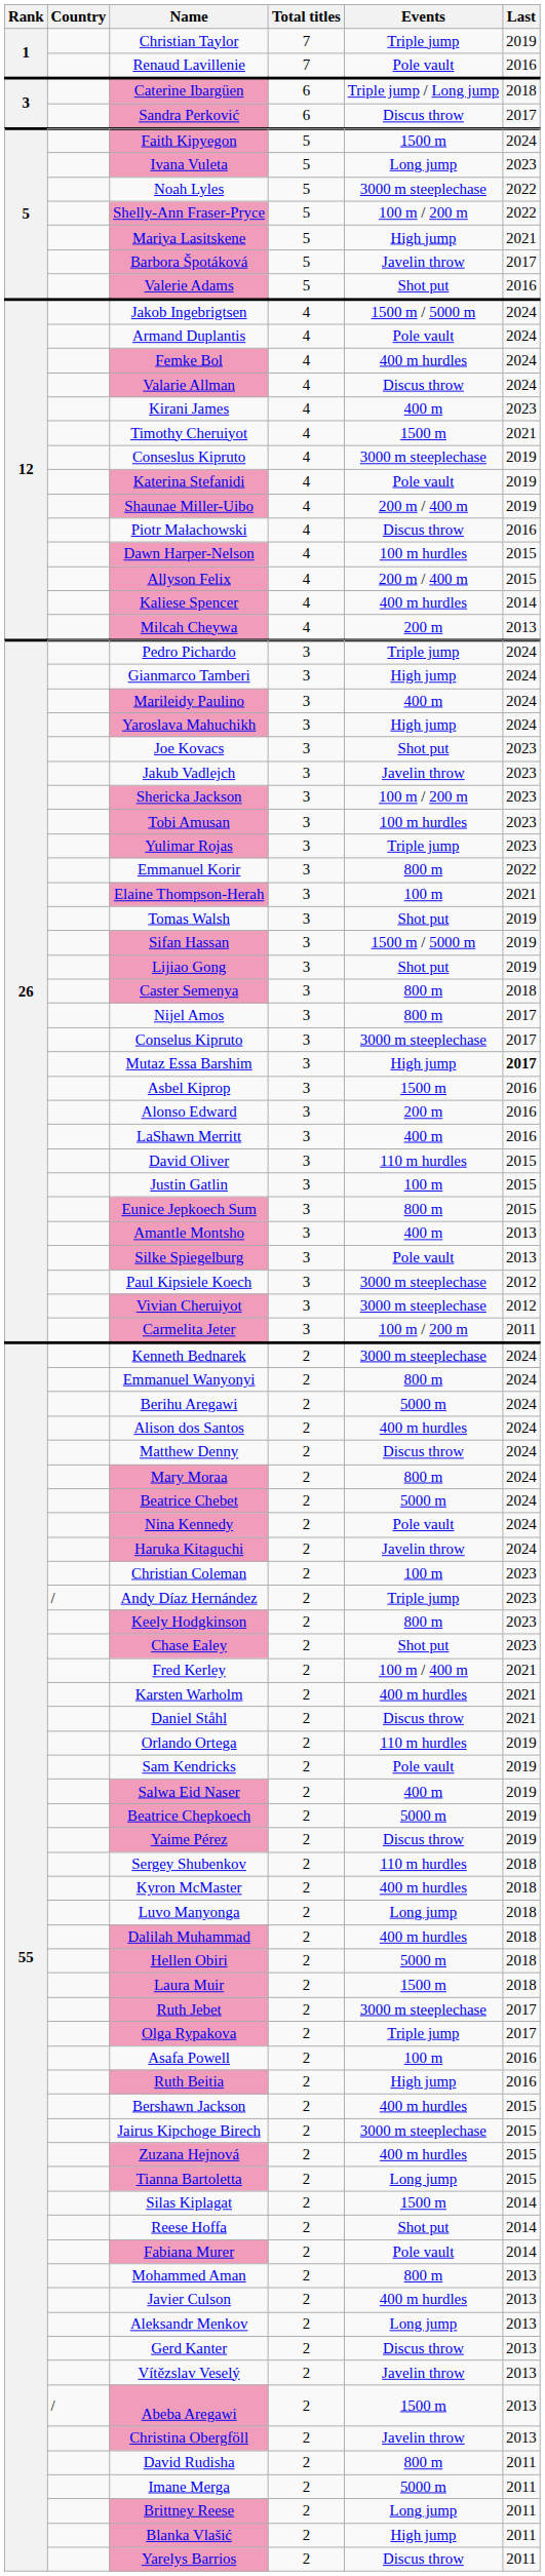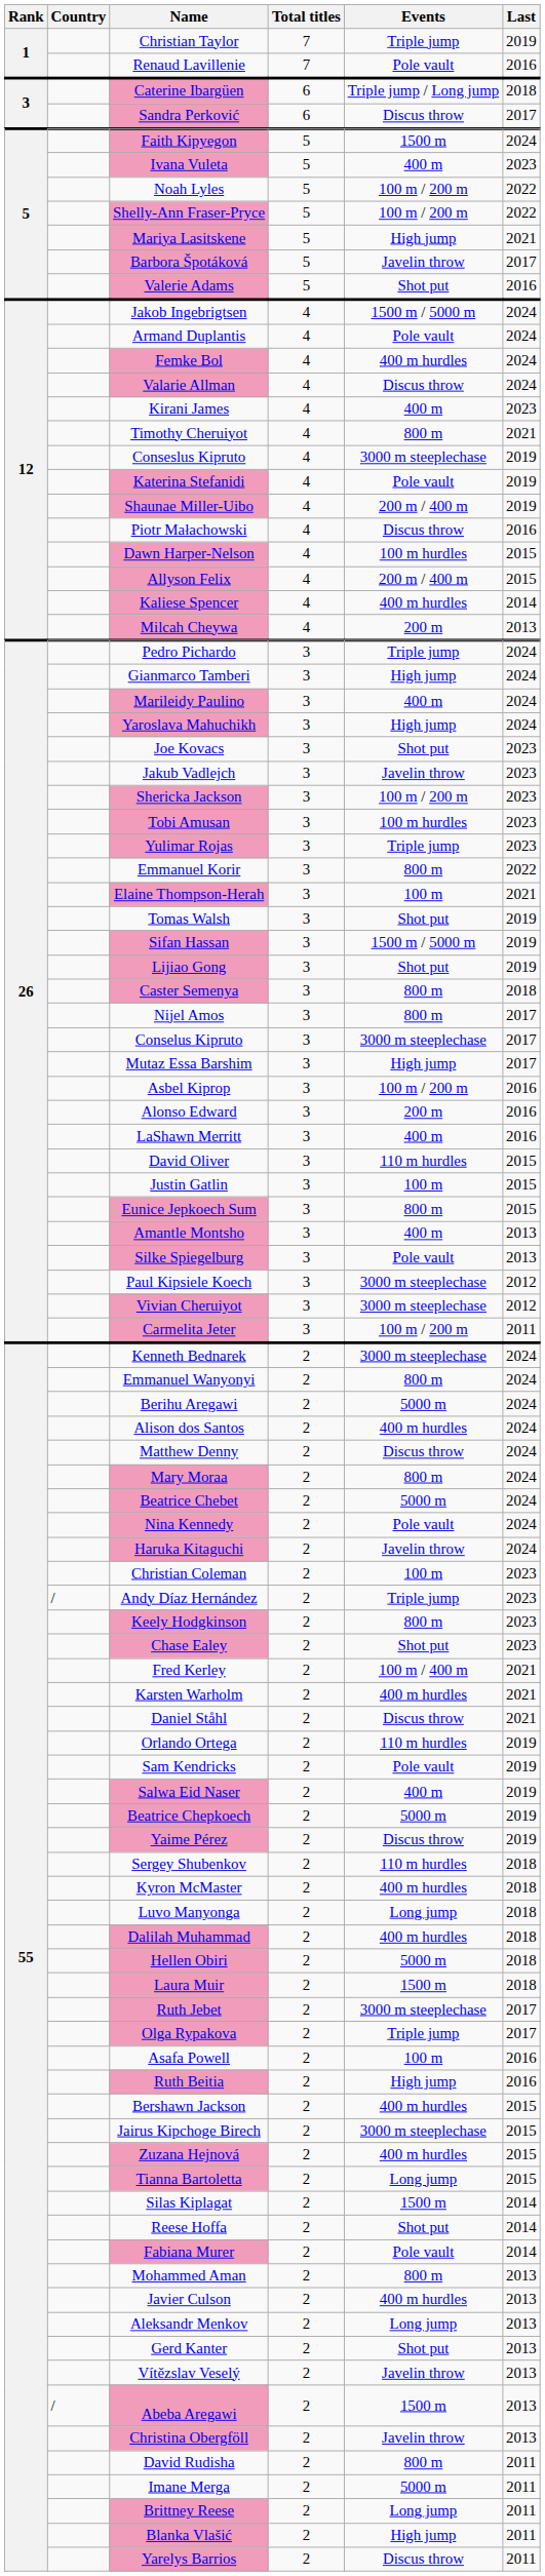 <table class="sortable wikitable" style="text-align: center">
 <tr>
 <th>Rank</th>
 <th>Country</th>
 <th>Name</th>
 <th>Total titles</th>
 <th>Events</th>
 <th>Last</th>
 </tr>
 <tr>
 <th rowspan="2">1</th>
 <td align=left></td>
 <td><a href='#'>Christian Taylor</a></td>
 <td>7</td>
 <td><a href='#'>Triple jump</a></td>
 <td>2019</td>
 </tr>
 <tr>
 <td align=left></td>
 <td><a href='#'>Renaud Lavillenie</a></td>
 <td>7</td>
 <td><a href='#'>Pole vault</a></td>
 <td>2016</td>
 </tr>
 <tr style="border-top:solid black">
 <th rowspan="2">3</th>
 <td align=left></td>
 <td style="background:#F19CBB;"><a href='#'>Caterine Ibargüen</a></td>
 <td>6</td>
 <td><a href='#'>Triple jump</a> / <a href='#'>Long jump</a></td>
 <td>2018</td>
 </tr>
 <tr>
 <td align=left></td>
 <td style="background:#F19CBB;"><a href='#'>Sandra Perković</a></td>
 <td>6</td>
 <td><a href='#'>Discus throw</a></td>
 <td>2017</td>
 </tr>
 <tr style="border-top:solid black">
 <th rowspan="8">5</th>
 </tr>
 <tr>
 <td align="left"></td>
 <td style="background:#F19CBB;"><a href='#'>Faith Kipyegon</a></td>
 <td>5</td>
 <td><a href='#'>1500 m</a></td>
 <td>2024</td>
 </tr>
 <tr>
 <td align="left"></td>
 <td style="background:#F19CBB;"><a href='#'>Ivana Vuleta</a></td>
 <td>5</td>
-<td><a href='#'>Long jump</a></td>
+<td><a href='#'>400 m</a></td>
 <td>2023</td>
 </tr>
 <tr>
 <td align="left"></td>
 <td><a href='#'>Noah Lyles</a></td>
 <td>5</td>
-<td><a href='#'>3000 m steeplechase</a></td>
+<td><a href='#'>100 m</a> / <a href='#'>200 m</a></td>
 <td>2022</td>
 </tr>
 <tr>
 <td align="left"></td>
 <td style="background:#F19CBB;"><a href='#'>Shelly-Ann Fraser-Pryce</a></td>
 <td>5</td>
 <td><a href='#'>100 m</a> / <a href='#'>200 m</a></td>
 <td>2022</td>
 </tr>
 <tr>
 <td align="left"></td>
 <td style="background:#F19CBB;"><a href='#'>Mariya Lasitskene</a></td>
 <td>5</td>
 <td><a href='#'>High jump</a></td>
 <td>2021</td>
 </tr>
 <tr>
 <td align=left></td>
 <td style="background:#F19CBB;"><a href='#'>Barbora Špotáková</a></td>
 <td>5</td>
 <td><a href='#'>Javelin throw</a></td>
 <td>2017</td>
 </tr>
 <tr>
 <td align=left></td>
 <td style="background:#F19CBB;"><a href='#'>Valerie Adams</a></td>
 <td>5</td>
 <td><a href='#'>Shot put</a></td>
 <td>2016</td>
 </tr>
 <tr style="border-top:solid black">
 <th rowspan="14">12</th>
 <td align=left></td>
 <td><a href='#'>Jakob Ingebrigtsen</a></td>
 <td>4</td>
 <td><a href='#'>1500 m</a> / <a href='#'>5000 m</a></td>
 <td>2024</td>
 </tr>
 <tr>
 <td align=left></td>
 <td><a href='#'>Armand Duplantis</a></td>
 <td>4</td>
 <td><a href='#'>Pole vault</a></td>
 <td>2024</td>
 </tr>
 <tr>
 <td align=left></td>
 <td style="background:#F19CBB;"><a href='#'>Femke Bol</a></td>
 <td>4</td>
 <td><a href='#'>400 m hurdles</a></td>
 <td>2024</td>
 </tr>
 <tr>
 <td align=left></td>
 <td style="background:#F19CBB;"><a href='#'>Valarie Allman</a></td>
 <td>4</td>
 <td><a href='#'>Discus throw</a></td>
 <td>2024</td>
 </tr>
 <tr>
 <td align=left></td>
 <td><a href='#'>Kirani James</a></td>
 <td>4</td>
 <td><a href='#'>400 m</a></td>
 <td>2023</td>
 </tr>
 <tr>
 <td align=left></td>
 <td><a href='#'>Timothy Cheruiyot</a></td>
 <td>4</td>
-<td><a href='#'>1500 m</a></td>
+<td><a href='#'>800 m</a></td>
 <td>2021</td>
 </tr>
 <tr>
 <td align=left></td>
 <td><a href='#'>Conseslus Kipruto</a></td>
 <td>4</td>
 <td><a href='#'>3000 m steeplechase</a></td>
 <td>2019</td>
 </tr>
 <tr>
 <td align=left></td>
 <td style="background:#F19CBB;"><a href='#'>Katerina Stefanidi</a></td>
 <td>4</td>
 <td><a href='#'>Pole vault</a></td>
 <td>2019</td>
 </tr>
 <tr>
 <td align=left></td>
 <td style="background:#F19CBB;"><a href='#'>Shaunae Miller-Uibo</a></td>
 <td>4</td>
 <td><a href='#'>200 m</a> / <a href='#'>400 m</a></td>
 <td>2019</td>
 </tr>
 <tr>
 <td align=left></td>
 <td><a href='#'>Piotr Małachowski</a></td>
 <td>4</td>
 <td><a href='#'>Discus throw</a></td>
 <td>2016</td>
 </tr>
 <tr>
 <td align=left></td>
 <td style="background:#F19CBB;"><a href='#'>Dawn Harper-Nelson</a></td>
 <td>4</td>
 <td><a href='#'>100 m hurdles</a></td>
 <td>2015</td>
 </tr>
 <tr>
 <td align=left></td>
 <td style="background:#F19CBB;"><a href='#'>Allyson Felix</a></td>
 <td>4</td>
 <td><a href='#'>200 m</a> / <a href='#'>400 m</a></td>
 <td>2015</td>
 </tr>
 <tr>
 <td align=left></td>
 <td style="background:#F19CBB;"><a href='#'>Kaliese Spencer</a></td>
 <td>4</td>
 <td><a href='#'>400 m hurdles</a></td>
 <td>2014</td>
 </tr>
 <tr>
 <td align=left></td>
 <td style="background:#F19CBB;"><a href='#'>Milcah Cheywa</a></td>
 <td>4</td>
 <td><a href='#'>200 m</a></td>
 <td>2013</td>
 </tr>
 <tr style="border-top:solid black">
 <th rowspan="30">26</th>
 </tr>
 <tr>
 <td align=left></td>
 <td><a href='#'>Pedro Pichardo</a></td>
 <td>3</td>
 <td><a href='#'>Triple jump</a></td>
 <td>2024</td>
 </tr>
 <tr>
 <td align=left></td>
 <td><a href='#'>Gianmarco Tamberi</a></td>
 <td>3</td>
 <td><a href='#'>High jump</a></td>
 <td>2024</td>
 </tr>
 <tr>
 <td align=left></td>
 <td style="background:#F19CBB;"><a href='#'>Marileidy Paulino</a></td>
 <td>3</td>
 <td><a href='#'>400 m</a></td>
 <td>2024</td>
 </tr>
 <tr>
 <td align=left></td>
 <td style="background:#F19CBB;"><a href='#'>Yaroslava Mahuchikh</a></td>
 <td>3</td>
 <td><a href='#'>High jump</a></td>
 <td>2024</td>
 </tr>
 <tr>
 <td align=left></td>
 <td><a href='#'>Joe Kovacs</a></td>
 <td>3</td>
 <td><a href='#'>Shot put</a></td>
 <td>2023</td>
 </tr>
 <tr>
 <td align=left></td>
 <td><a href='#'>Jakub Vadlejch</a></td>
 <td>3</td>
 <td><a href='#'>Javelin throw</a></td>
 <td>2023</td>
 </tr>
 <tr>
 <td align=left></td>
 <td style="background:#F19CBB;"><a href='#'>Shericka Jackson</a></td>
 <td>3</td>
 <td><a href='#'>100 m</a> / <a href='#'>200 m</a></td>
 <td>2023</td>
 </tr>
 <tr>
 <td align=left></td>
 <td style="background:#F19CBB;"><a href='#'>Tobi Amusan</a></td>
 <td>3</td>
 <td><a href='#'>100 m hurdles</a></td>
 <td>2023</td>
 </tr>
 <tr>
 <td align=left></td>
 <td style="background:#F19CBB;"><a href='#'>Yulimar Rojas</a></td>
 <td>3</td>
 <td><a href='#'>Triple jump</a></td>
 <td>2023</td>
 </tr>
 <tr>
 <td align=left></td>
 <td><a href='#'>Emmanuel Korir</a></td>
 <td>3</td>
 <td><a href='#'>800 m</a></td>
 <td>2022</td>
 </tr>
 <tr>
 <td align=left></td>
 <td style="background:#F19CBB;"><a href='#'>Elaine Thompson-Herah</a></td>
 <td>3</td>
 <td><a href='#'>100 m</a></td>
 <td>2021</td>
 </tr>
 <tr>
 <td align=left></td>
 <td><a href='#'>Tomas Walsh</a></td>
 <td>3</td>
 <td><a href='#'>Shot put</a></td>
 <td>2019</td>
 </tr>
 <tr>
 <td align=left></td>
 <td style="background:#F19CBB;"><a href='#'>Sifan Hassan</a></td>
 <td>3</td>
 <td><a href='#'>1500 m</a> / <a href='#'>5000 m</a></td>
 <td>2019</td>
 </tr>
 <tr>
 <td align=left></td>
 <td style="background:#F19CBB;"><a href='#'>Lijiao Gong</a></td>
 <td>3</td>
 <td><a href='#'>Shot put</a></td>
 <td>2019</td>
 </tr>
 <tr>
 <td align=left></td>
 <td style="background:#F19CBB;"><a href='#'>Caster Semenya</a></td>
 <td>3</td>
 <td><a href='#'>800 m</a></td>
 <td>2018</td>
 </tr>
 <tr>
 <td align=left></td>
 <td><a href='#'>Nijel Amos</a></td>
 <td>3</td>
 <td><a href='#'>800 m</a></td>
 <td>2017</td>
 </tr>
 <tr>
 <td align=left></td>
 <td><a href='#'>Conselus Kipruto</a></td>
 <td>3</td>
 <td><a href='#'>3000 m steeplechase</a></td>
 <td>2017</td>
 </tr>
 <tr>
 <td align=left></td>
 <td><a href='#'>Mutaz Essa Barshim</a></td>
 <td>3</td>
 <td><a href='#'>High jump</a></td>
-<td><strong>2017</strong></td>
+<td>2017</td>
 </tr>
 <tr>
 <td align=left></td>
 <td><a href='#'>Asbel Kiprop</a></td>
 <td>3</td>
-<td><a href='#'>1500 m</a></td>
+<td><a href='#'>100 m</a> / <a href='#'>200 m</a></td>
 <td>2016</td>
 </tr>
 <tr>
 <td align=left></td>
 <td><a href='#'>Alonso Edward</a></td>
 <td>3</td>
 <td><a href='#'>200 m</a></td>
 <td>2016</td>
 </tr>
 <tr>
 <td align=left></td>
 <td><a href='#'>LaShawn Merritt</a></td>
 <td>3</td>
 <td><a href='#'>400 m</a></td>
 <td>2016</td>
 </tr>
 <tr>
 <td align=left></td>
 <td><a href='#'>David Oliver</a></td>
 <td>3</td>
 <td><a href='#'>110 m hurdles</a></td>
 <td>2015</td>
 </tr>
 <tr>
 <td align=left></td>
 <td><a href='#'>Justin Gatlin</a></td>
 <td>3</td>
 <td><a href='#'>100 m</a></td>
 <td>2015</td>
 </tr>
 <tr>
 <td align=left></td>
 <td style="background:#F19CBB;"><a href='#'>Eunice Jepkoech Sum</a></td>
 <td>3</td>
 <td><a href='#'>800 m</a></td>
 <td>2015</td>
 </tr>
 <tr>
 <td align=left></td>
 <td style="background:#F19CBB;"><a href='#'>Amantle Montsho</a></td>
 <td>3</td>
 <td><a href='#'>400 m</a></td>
 <td>2013</td>
 </tr>
 <tr>
 <td align=left></td>
 <td style="background:#F19CBB;"><a href='#'>Silke Spiegelburg</a></td>
 <td>3</td>
 <td><a href='#'>Pole vault</a></td>
 <td>2013</td>
 </tr>
 <tr>
 <td align=left></td>
 <td><a href='#'>Paul Kipsiele Koech</a></td>
 <td>3</td>
 <td><a href='#'>3000 m steeplechase</a></td>
 <td>2012</td>
 </tr>
 <tr>
 <td align=left></td>
 <td style="background:#F19CBB;"><a href='#'>Vivian Cheruiyot</a></td>
 <td>3</td>
 <td><a href='#'>3000 m steeplechase</a></td>
 <td>2012</td>
 </tr>
 <tr>
 <td align=left></td>
 <td style="background:#F19CBB;"><a href='#'>Carmelita Jeter</a></td>
 <td>3</td>
 <td><a href='#'>100 m</a> / <a href='#'>200 m</a></td>
 <td>2011</td>
 </tr>
 <tr>
 </tr>
 <tr style="border-top:solid black">
 <th rowspan="50">55</th>
 <td align=left></td>
 <td><a href='#'>Kenneth Bednarek</a></td>
 <td>2</td>
 <td><a href='#'>3000 m steeplechase</a></td>
 <td>2024</td>
 </tr>
 <tr>
 <td align=left></td>
 <td><a href='#'>Emmanuel Wanyonyi</a></td>
 <td>2</td>
 <td><a href='#'>800 m</a></td>
 <td>2024</td>
 </tr>
 <tr>
 <td align=left></td>
 <td><a href='#'>Berihu Aregawi</a></td>
 <td>2</td>
 <td><a href='#'>5000 m</a></td>
 <td>2024</td>
 </tr>
 <tr>
 <td align=left></td>
 <td><a href='#'>Alison dos Santos</a></td>
 <td>2</td>
 <td><a href='#'>400 m hurdles</a></td>
 <td>2024</td>
 </tr>
 <tr>
 <td align=left></td>
 <td><a href='#'>Matthew Denny</a></td>
 <td>2</td>
 <td><a href='#'>Discus throw</a></td>
 <td>2024</td>
 </tr>
 <tr>
 <td align=left></td>
 <td style="background:#F19CBB;"><a href='#'>Mary Moraa</a></td>
 <td>2</td>
 <td><a href='#'>800 m</a></td>
 <td>2024</td>
 </tr>
 <tr>
 <td align=left></td>
 <td style="background:#F19CBB;"><a href='#'>Beatrice Chebet</a></td>
 <td>2</td>
 <td><a href='#'>5000 m</a></td>
 <td>2024</td>
 </tr>
 <tr>
 <td align=left></td>
 <td style="background:#F19CBB;"><a href='#'>Nina Kennedy</a></td>
 <td>2</td>
 <td><a href='#'>Pole vault</a></td>
 <td>2024</td>
 </tr>
 <tr>
 <td align=left></td>
 <td style="background:#F19CBB;"><a href='#'>Haruka Kitaguchi</a></td>
 <td>2</td>
 <td><a href='#'>Javelin throw</a></td>
 <td>2024</td>
 </tr>
 <tr>
 <td align=left></td>
 <td><a href='#'>Christian Coleman</a></td>
 <td>2</td>
 <td><a href='#'>100 m</a></td>
 <td>2023</td>
 </tr>
 <tr>
 <td align=left> / </td>
 <td><a href='#'>Andy Díaz Hernández</a></td>
 <td>2</td>
 <td><a href='#'>Triple jump</a></td>
 <td>2023</td>
 </tr>
 <tr>
 <td align=left></td>
 <td style="background:#F19CBB;"><a href='#'>Keely Hodgkinson</a></td>
 <td>2</td>
 <td><a href='#'>800 m</a></td>
 <td>2023</td>
 </tr>
 <tr>
 <td align=left></td>
 <td style="background:#F19CBB;"><a href='#'>Chase Ealey</a></td>
 <td>2</td>
 <td><a href='#'>Shot put</a></td>
 <td>2023</td>
 </tr>
 <tr>
 <td align=left></td>
 <td><a href='#'>Fred Kerley</a></td>
 <td>2</td>
 <td><a href='#'>100 m</a> / <a href='#'>400 m</a></td>
 <td>2021</td>
 </tr>
 <tr>
 <td align=left></td>
 <td><a href='#'>Karsten Warholm</a></td>
 <td>2</td>
 <td><a href='#'>400 m hurdles</a></td>
 <td>2021</td>
 </tr>
 <tr>
 <td align=left></td>
 <td><a href='#'>Daniel Ståhl</a></td>
 <td>2</td>
 <td><a href='#'>Discus throw</a></td>
 <td>2021</td>
 </tr>
 <tr>
 <td align=left></td>
 <td><a href='#'>Orlando Ortega</a></td>
 <td>2</td>
 <td><a href='#'>110 m hurdles</a></td>
 <td>2019</td>
 </tr>
 <tr>
 <td align=left></td>
 <td><a href='#'>Sam Kendricks</a></td>
 <td>2</td>
 <td><a href='#'>Pole vault</a></td>
 <td>2019</td>
 </tr>
 <tr>
 <td align=left></td>
 <td style="background:#F19CBB;"><a href='#'>Salwa Eid Naser</a></td>
 <td>2</td>
 <td><a href='#'>400 m</a></td>
 <td>2019</td>
 </tr>
 <tr>
 <td align=left></td>
 <td style="background:#F19CBB;"><a href='#'>Beatrice Chepkoech</a></td>
 <td>2</td>
 <td><a href='#'>5000 m</a></td>
 <td>2019</td>
 </tr>
 <tr>
 <td align=left></td>
 <td style="background:#F19CBB;"><a href='#'>Yaime Pérez</a></td>
 <td>2</td>
 <td><a href='#'>Discus throw</a></td>
 <td>2019</td>
 </tr>
 <tr>
 <td align=left></td>
 <td><a href='#'>Sergey Shubenkov</a></td>
 <td>2</td>
 <td><a href='#'>110 m hurdles</a></td>
 <td>2018</td>
 </tr>
 <tr>
 <td align=left></td>
 <td><a href='#'>Kyron McMaster</a></td>
 <td>2</td>
 <td><a href='#'>400 m hurdles</a></td>
 <td>2018</td>
 </tr>
 <tr>
 <td align=left></td>
 <td><a href='#'>Luvo Manyonga</a></td>
 <td>2</td>
 <td><a href='#'>Long jump</a></td>
 <td>2018</td>
 </tr>
 <tr>
 <td align=left></td>
 <td style="background:#F19CBB;"><a href='#'>Dalilah Muhammad</a></td>
 <td>2</td>
 <td><a href='#'>400 m hurdles</a></td>
 <td>2018</td>
 </tr>
 <tr>
 <td align=left></td>
 <td style="background:#F19CBB;"><a href='#'>Hellen Obiri</a></td>
 <td>2</td>
 <td><a href='#'>5000 m</a></td>
 <td>2018</td>
 </tr>
 <tr>
 <td align=left></td>
 <td style="background:#F19CBB;"><a href='#'>Laura Muir</a></td>
 <td>2</td>
 <td><a href='#'>1500 m</a></td>
 <td>2018</td>
 </tr>
 <tr>
 <td align=left></td>
 <td style="background:#F19CBB;"><a href='#'>Ruth Jebet</a></td>
 <td>2</td>
 <td><a href='#'>3000 m steeplechase</a></td>
 <td>2017</td>
 </tr>
 <tr>
 <td align=left></td>
 <td style="background:#F19CBB;"><a href='#'>Olga Rypakova</a></td>
 <td>2</td>
 <td><a href='#'>Triple jump</a></td>
 <td>2017</td>
 </tr>
 <tr>
 <td align=left></td>
 <td><a href='#'>Asafa Powell</a></td>
 <td>2</td>
 <td><a href='#'>100 m</a></td>
 <td>2016</td>
 </tr>
 <tr>
 <td align=left></td>
 <td style="background:#F19CBB;"><a href='#'>Ruth Beitia</a></td>
 <td>2</td>
 <td><a href='#'>High jump</a></td>
 <td>2016</td>
 </tr>
 <tr>
 <td align=left></td>
 <td><a href='#'>Bershawn Jackson</a></td>
 <td>2</td>
 <td><a href='#'>400 m hurdles</a></td>
 <td>2015</td>
 </tr>
 <tr>
 <td align=left></td>
 <td><a href='#'>Jairus Kipchoge Birech</a></td>
 <td>2</td>
 <td><a href='#'>3000 m steeplechase</a></td>
 <td>2015</td>
 </tr>
 <tr>
 <td align=left></td>
 <td style="background:#F19CBB;"><a href='#'>Zuzana Hejnová</a></td>
 <td>2</td>
 <td><a href='#'>400 m hurdles</a></td>
 <td>2015</td>
 </tr>
 <tr>
 <td align=left></td>
 <td style="background:#F19CBB;"><a href='#'>Tianna Bartoletta</a></td>
 <td>2</td>
 <td><a href='#'>Long jump</a></td>
 <td>2015</td>
 </tr>
 <tr>
 <td align=left></td>
 <td><a href='#'>Silas Kiplagat</a></td>
 <td>2</td>
 <td><a href='#'>1500 m</a></td>
 <td>2014</td>
 </tr>
 <tr>
 <td align=left></td>
 <td><a href='#'>Reese Hoffa</a></td>
 <td>2</td>
 <td><a href='#'>Shot put</a></td>
 <td>2014</td>
 </tr>
 <tr>
 <td align=left></td>
 <td style="background:#F19CBB;"><a href='#'>Fabiana Murer</a></td>
 <td>2</td>
 <td><a href='#'>Pole vault</a></td>
 <td>2014</td>
 </tr>
 <tr>
 <td align=left></td>
 <td><a href='#'>Mohammed Aman</a></td>
 <td>2</td>
 <td><a href='#'>800 m</a></td>
 <td>2013</td>
 </tr>
 <tr>
 <td align=left></td>
 <td><a href='#'>Javier Culson</a></td>
 <td>2</td>
 <td><a href='#'>400 m hurdles</a></td>
 <td>2013</td>
 </tr>
 <tr>
 <td align=left></td>
 <td><a href='#'>Aleksandr Menkov</a></td>
 <td>2</td>
 <td><a href='#'>Long jump</a></td>
 <td>2013</td>
 </tr>
 <tr>
 <td align=left></td>
 <td><a href='#'>Gerd Kanter</a></td>
 <td>2</td>
-<td><a href='#'>Discus throw</a></td>
+<td><a href='#'>Shot put</a></td>
 <td>2013</td>
 </tr>
 <tr>
 <td align=left></td>
 <td><a href='#'>Vítězslav Veselý</a></td>
 <td>2</td>
 <td><a href='#'>Javelin throw</a></td>
 <td>2013</td>
 </tr>
 <tr>
 <td align=left> / </td>
 <td style="background:#F19CBB;"><br><a href='#'>Abeba Aregawi</a></td>
 <td>2</td>
 <td><a href='#'>1500 m</a></td>
 <td>2013</td>
 </tr>
 <tr>
 <td align=left></td>
 <td style="background:#F19CBB;"><a href='#'>Christina Obergföll</a></td>
 <td>2</td>
 <td><a href='#'>Javelin throw</a></td>
 <td>2013</td>
 </tr>
 <tr>
 <td align=left></td>
 <td><a href='#'>David Rudisha</a></td>
 <td>2</td>
 <td><a href='#'>800 m</a></td>
 <td>2011</td>
 </tr>
 <tr>
 <td align=left></td>
 <td><a href='#'>Imane Merga</a></td>
 <td>2</td>
 <td><a href='#'>5000 m</a></td>
 <td>2011</td>
 </tr>
 <tr>
 <td align=left></td>
 <td style="background:#F19CBB;"><a href='#'>Brittney Reese</a></td>
 <td>2</td>
 <td><a href='#'>Long jump</a></td>
 <td>2011</td>
 </tr>
 <tr>
 <td align=left></td>
 <td style="background:#F19CBB;"><a href='#'>Blanka Vlašić</a></td>
 <td>2</td>
 <td><a href='#'>High jump</a></td>
 <td>2011</td>
 </tr>
 <tr>
 <td align=left></td>
 <td style="background:#F19CBB;"><a href='#'>Yarelys Barrios</a></td>
 <td>2</td>
 <td><a href='#'>Discus throw</a></td>
 <td>2011</td>
 </tr>
 </table>
